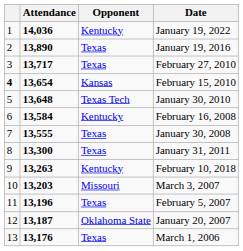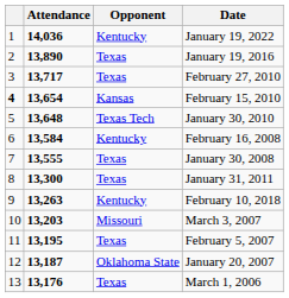 <table class="wikitable">
 <tr>
 <th></th>
 <th>Attendance</th>
 <th>Opponent</th>
 <th>Date</th>
 </tr>
 <tr>
 <td>1</td>
 <td><strong>14,036</strong></td>
 <td><a href='#'>Kentucky</a></td>
 <td>January 19, 2022</td>
 </tr>
 <tr>
 <td>2</td>
 <td><strong>13,890</strong></td>
 <td><a href='#'>Texas</a></td>
 <td>January 19, 2016</td>
 </tr>
 <tr>
 <td>3</td>
 <td><strong>13,717</strong></td>
 <td><a href='#'>Texas</a></td>
 <td>February 27, 2010</td>
 </tr>
 <tr>
 <td><strong>4</strong></td>
 <td><strong>13,654</strong></td>
 <td><a href='#'>Kansas</a></td>
 <td>February 15, 2010</td>
 </tr>
 <tr>
 <td>5</td>
 <td><strong>13,648</strong></td>
 <td><a href='#'>Texas Tech</a></td>
 <td>January 30, 2010</td>
 </tr>
 <tr>
 <td>6</td>
 <td><strong>13,584</strong></td>
 <td><a href='#'>Kentucky</a></td>
 <td>February 16, 2008</td>
 </tr>
 <tr>
 <td>7</td>
 <td><strong>13,555</strong></td>
 <td><a href='#'>Texas</a></td>
 <td>January 30, 2008</td>
 </tr>
 <tr>
 <td>8</td>
 <td><strong>13,300</strong></td>
 <td><a href='#'>Texas</a></td>
 <td>January 31, 2011</td>
 </tr>
 <tr>
 <td>9</td>
 <td><strong>13,263</strong></td>
 <td><a href='#'>Kentucky</a></td>
 <td>February 10, 2018</td>
 </tr>
 <tr>
 <td>10</td>
 <td><strong>13,203</strong></td>
 <td><a href='#'>Missouri</a></td>
 <td>March 3, 2007</td>
 </tr>
 <tr>
 <td>11</td>
-<td><strong>13,196</strong></td>
+<td><strong>13,195</strong></td>
 <td><a href='#'>Texas</a></td>
 <td>February 5, 2007</td>
 </tr>
 <tr>
 <td>12</td>
 <td><strong>13,187</strong></td>
 <td><a href='#'>Oklahoma State</a></td>
 <td>January 20, 2007</td>
 </tr>
 <tr>
 <td>13</td>
 <td><strong>13,176</strong></td>
 <td><a href='#'>Texas</a></td>
 <td>March 1, 2006</td>
 </tr>
 </table>
